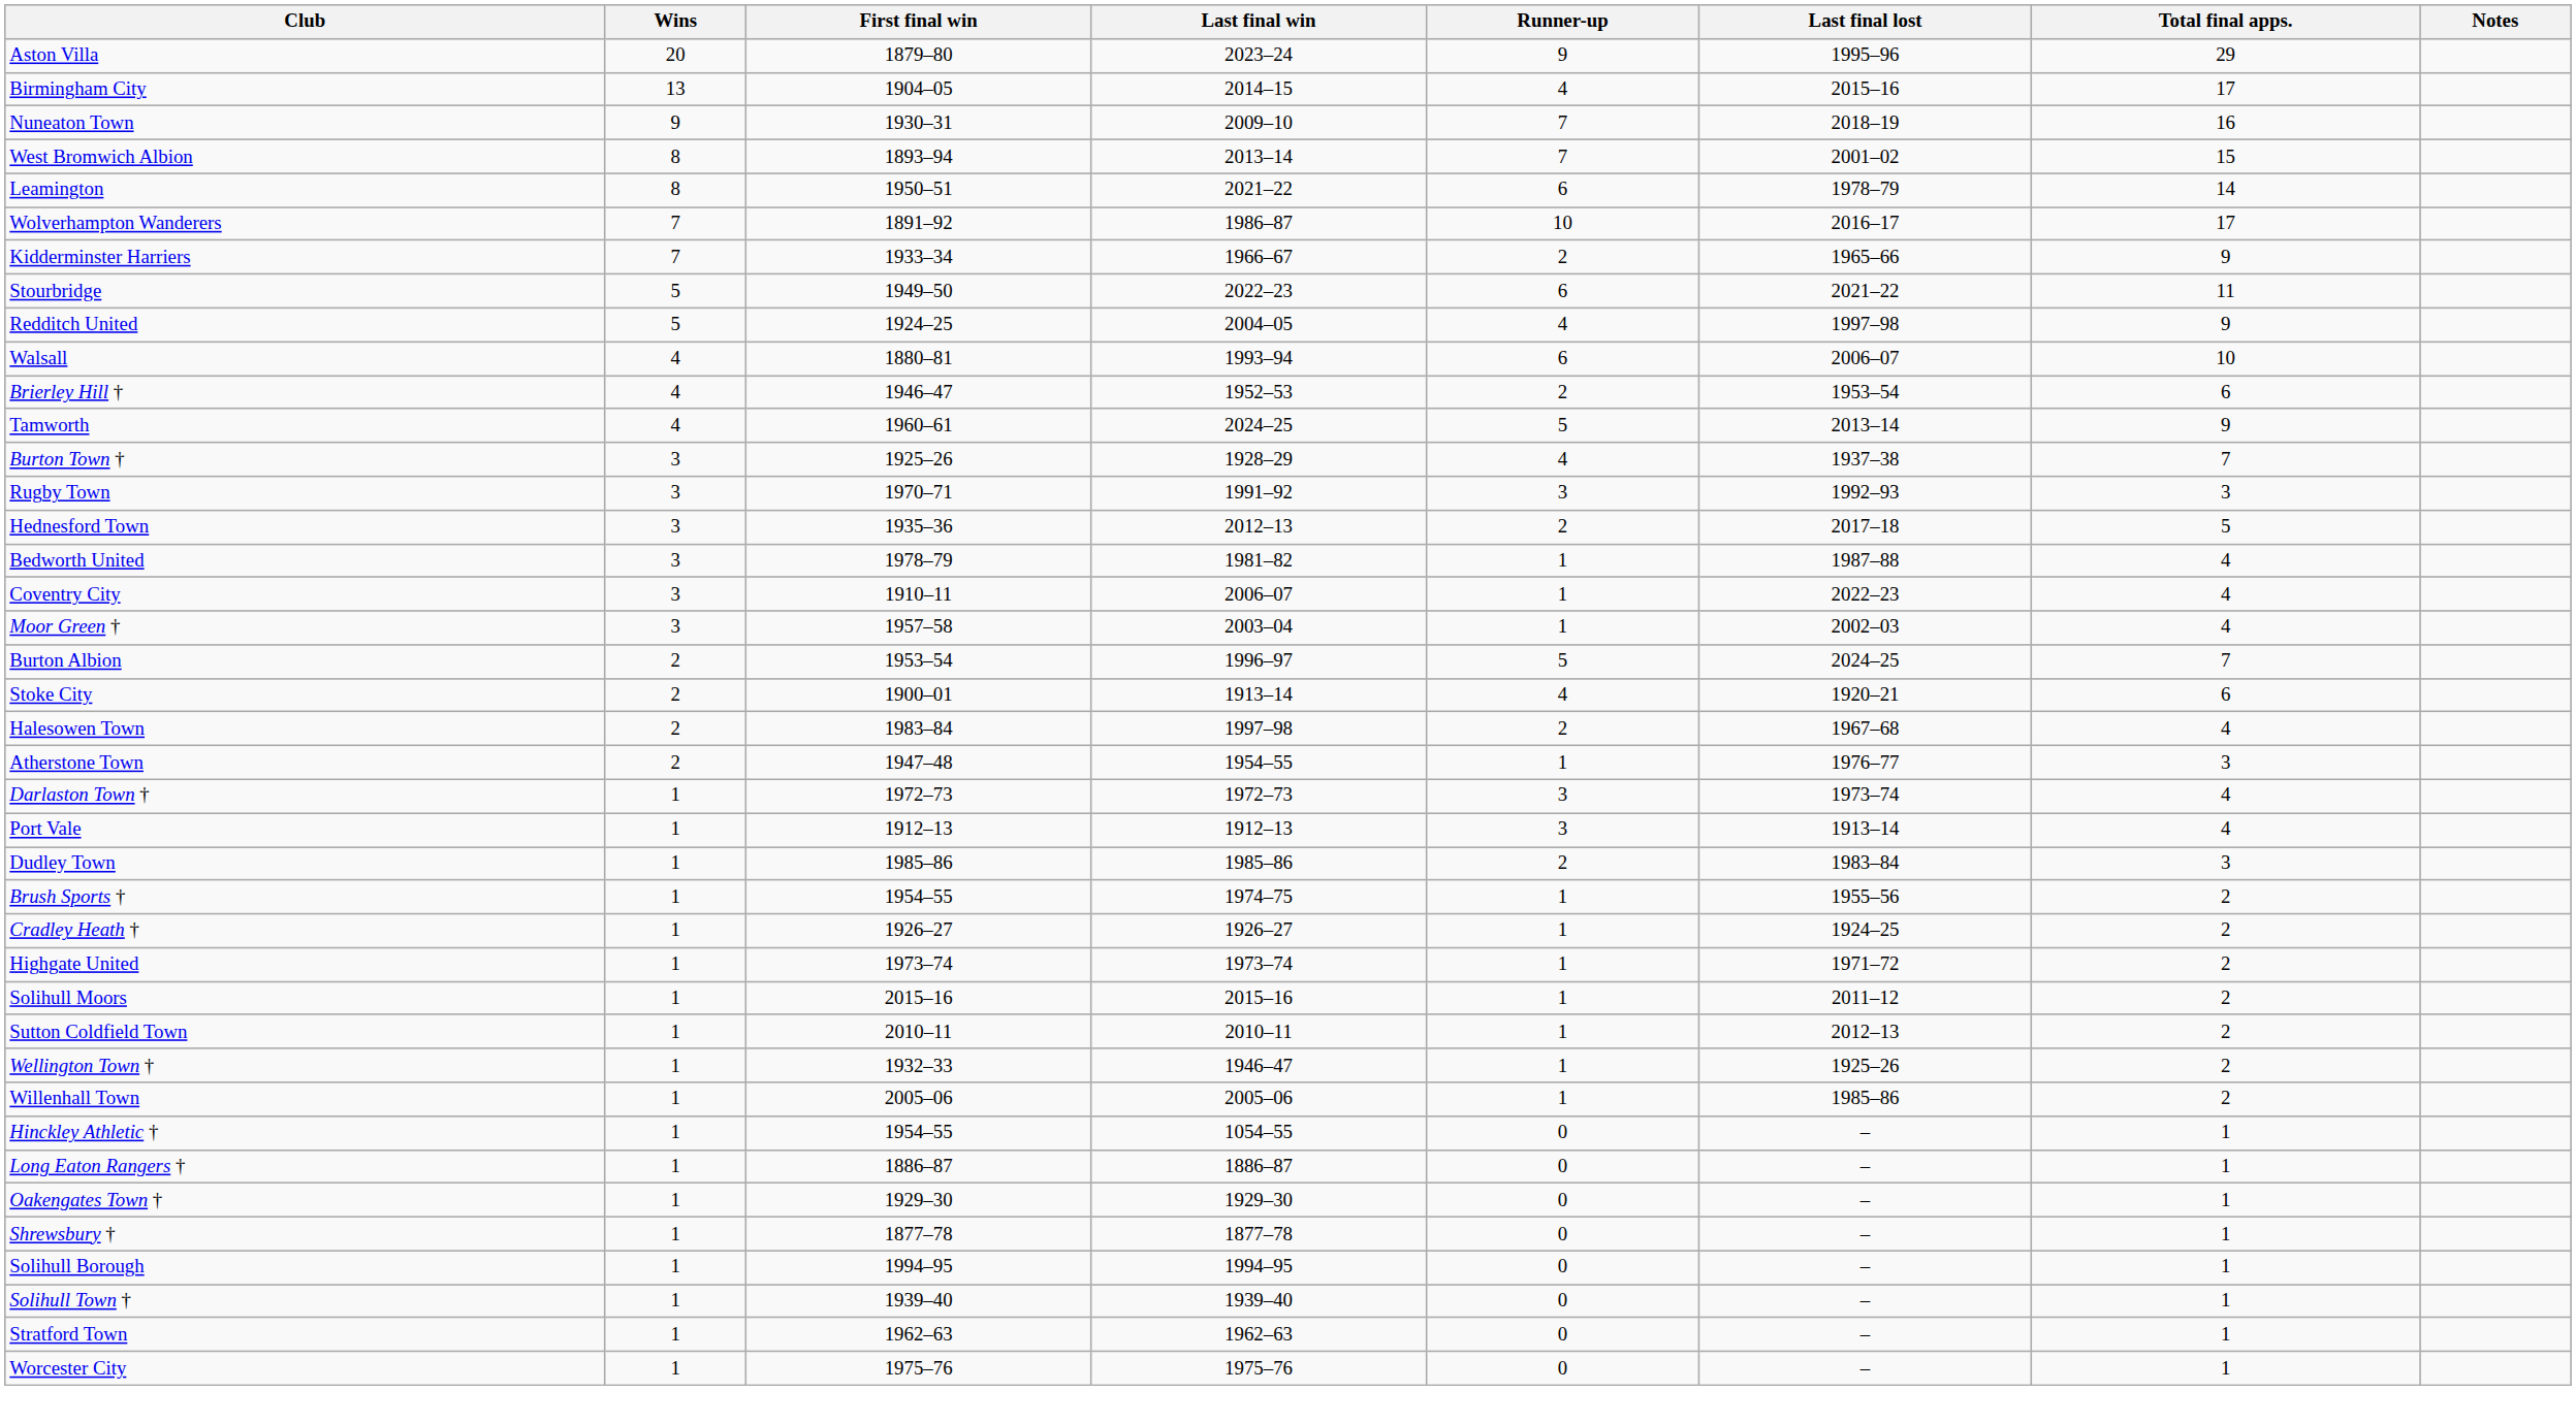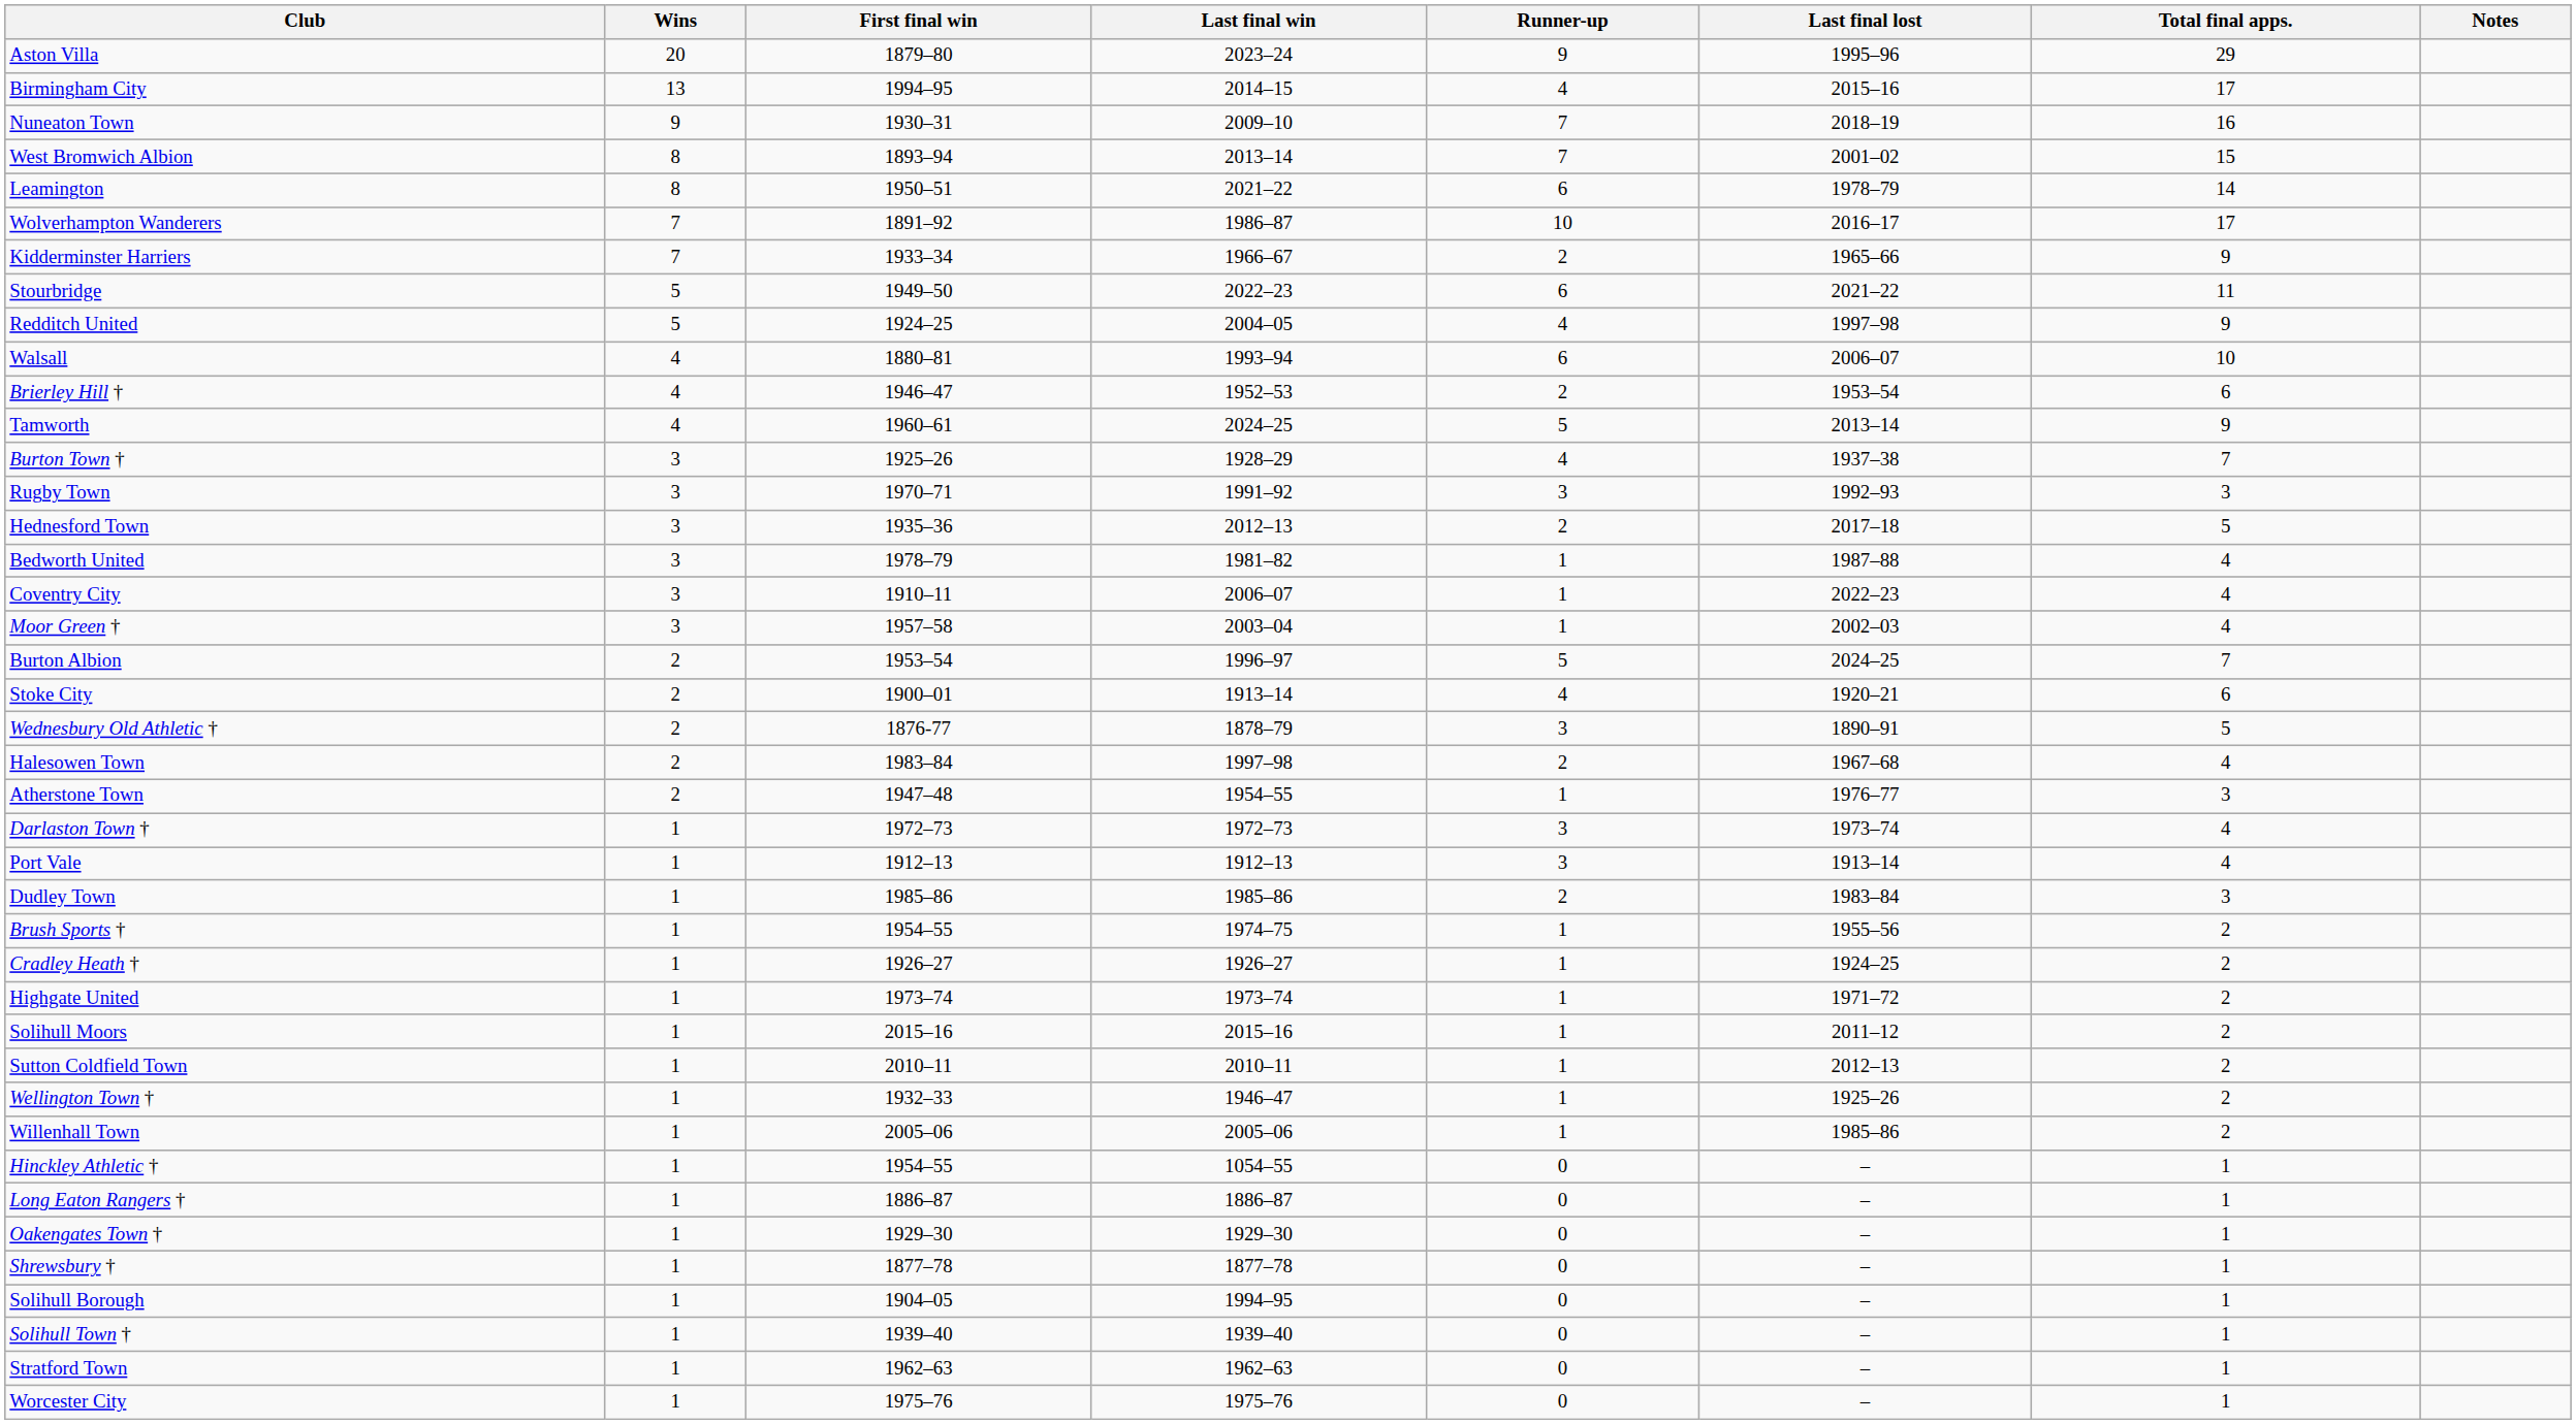 <table class="wikitable" style="text-align: center; width: 100%; font-size: 12px">
 <tr>
 <th>Club</th>
 <th>Wins</th>
 <th>First final win</th>
 <th>Last final win</th>
 <th>Runner-up</th>
 <th>Last final lost</th>
 <th>Total final apps.</th>
 <th>Notes</th>
 </tr>
 <tr>
 <td style="text-align: left"><a href='#'>Aston Villa</a></td>
 <td>20</td>
 <td>1879–80</td>
 <td>2023–24</td>
 <td>9</td>
 <td>1995–96</td>
 <td>29</td>
 <td></td>
 </tr>
 <tr>
 <td style="text-align: left"><a href='#'>Birmingham City</a></td>
 <td>13</td>
-<td>1904–05</td>
+<td>1994–95</td>
 <td>2014–15</td>
 <td>4</td>
 <td>2015–16</td>
 <td>17</td>
 <td></td>
 </tr>
 <tr>
 <td style="text-align: left"><a href='#'>Nuneaton Town</a></td>
 <td>9</td>
 <td>1930–31</td>
 <td>2009–10</td>
 <td>7</td>
 <td>2018–19</td>
 <td>16</td>
 <td></td>
 </tr>
 <tr>
 <td style="text-align: left"><a href='#'>West Bromwich Albion</a></td>
 <td>8</td>
 <td>1893–94</td>
 <td>2013–14</td>
 <td>7</td>
 <td>2001–02</td>
 <td>15</td>
 <td></td>
 </tr>
 <tr>
 <td style="text-align: left"><a href='#'>Leamington</a></td>
 <td>8</td>
 <td>1950–51</td>
 <td>2021–22</td>
 <td>6</td>
 <td>1978–79</td>
 <td>14</td>
 <td></td>
 </tr>
 <tr>
 <td style="text-align: left"><a href='#'>Wolverhampton Wanderers</a></td>
 <td>7</td>
 <td>1891–92</td>
 <td>1986–87</td>
 <td>10</td>
 <td>2016–17</td>
 <td>17</td>
 <td></td>
 </tr>
 <tr>
 <td style="text-align: left"><a href='#'>Kidderminster Harriers</a></td>
 <td>7</td>
 <td>1933–34</td>
 <td>1966–67</td>
 <td>2</td>
 <td>1965–66</td>
 <td>9</td>
 <td></td>
 </tr>
 <tr>
 <td style="text-align: left"><a href='#'>Stourbridge</a></td>
 <td>5</td>
 <td>1949–50</td>
 <td>2022–23</td>
 <td>6</td>
 <td>2021–22</td>
 <td>11</td>
 <td></td>
 </tr>
 <tr>
 <td style="text-align: left"><a href='#'>Redditch United</a></td>
 <td>5</td>
 <td>1924–25</td>
 <td>2004–05</td>
 <td>4</td>
 <td>1997–98</td>
 <td>9</td>
 <td></td>
 </tr>
 <tr>
 <td style="text-align: left"><a href='#'>Walsall</a></td>
 <td>4</td>
 <td>1880–81</td>
 <td>1993–94</td>
 <td>6</td>
 <td>2006–07</td>
 <td>10</td>
 <td></td>
 </tr>
 <tr>
 <td style="text-align: left"><em><a href='#'>Brierley Hill</a></em> †</td>
 <td>4</td>
 <td>1946–47</td>
 <td>1952–53</td>
 <td>2</td>
 <td>1953–54</td>
 <td>6</td>
 <td></td>
 </tr>
 <tr>
 <td style="text-align: left"><a href='#'>Tamworth</a></td>
 <td>4</td>
 <td>1960–61</td>
 <td>2024–25</td>
 <td>5</td>
 <td>2013–14</td>
 <td>9</td>
 <td></td>
 </tr>
 <tr>
 <td style="text-align: left"><em><a href='#'>Burton Town</a></em> †</td>
 <td>3</td>
 <td>1925–26</td>
 <td>1928–29</td>
 <td>4</td>
 <td>1937–38</td>
 <td>7</td>
 <td></td>
 </tr>
 <tr>
 <td style="text-align: left"><a href='#'>Rugby Town</a></td>
 <td>3</td>
 <td>1970–71</td>
 <td>1991–92</td>
 <td>3</td>
 <td>1992–93</td>
 <td>3</td>
 <td></td>
 </tr>
 <tr>
 <td style="text-align: left"><a href='#'>Hednesford Town</a></td>
 <td>3</td>
 <td>1935–36</td>
 <td>2012–13</td>
 <td>2</td>
 <td>2017–18</td>
 <td>5</td>
 <td></td>
 </tr>
 <tr>
 <td style="text-align: left"><a href='#'>Bedworth United</a></td>
 <td>3</td>
 <td>1978–79</td>
 <td>1981–82</td>
 <td>1</td>
 <td>1987–88</td>
 <td>4</td>
 <td></td>
 </tr>
 <tr>
 <td style="text-align: left"><a href='#'>Coventry City</a></td>
 <td>3</td>
 <td>1910–11</td>
 <td>2006–07</td>
 <td>1</td>
 <td>2022–23</td>
 <td>4</td>
 <td></td>
 </tr>
 <tr>
 <td style="text-align: left"><em><a href='#'>Moor Green</a></em> †</td>
 <td>3</td>
 <td>1957–58</td>
 <td>2003–04</td>
 <td>1</td>
 <td>2002–03</td>
 <td>4</td>
 <td></td>
 </tr>
 <tr>
 <td style="text-align: left"><a href='#'>Burton Albion</a></td>
 <td>2</td>
 <td>1953–54</td>
 <td>1996–97</td>
 <td>5</td>
 <td>2024–25</td>
 <td>7</td>
 <td></td>
 </tr>
 <tr>
 <td style="text-align: left"><a href='#'>Stoke City</a></td>
 <td>2</td>
 <td>1900–01</td>
 <td>1913–14</td>
 <td>4</td>
 <td>1920–21</td>
 <td>6</td>
 <td></td>
 </tr>
 <tr>
+<td style="text-align: left"><em><a href='#'>Wednesbury Old Athletic</a></em> †</td>
+<td>2</td>
+<td>1876-77</td>
+<td>1878–79</td>
+<td>3</td>
+<td>1890–91</td>
+<td>5</td>
+<td></td>
+</tr>
+<tr>
 <td style="text-align: left"><a href='#'>Halesowen Town</a></td>
 <td>2</td>
 <td>1983–84</td>
 <td>1997–98</td>
 <td>2</td>
 <td>1967–68</td>
 <td>4</td>
 <td></td>
 </tr>
 <tr>
 <td style="text-align: left"><a href='#'>Atherstone Town</a></td>
 <td>2</td>
 <td>1947–48</td>
 <td>1954–55</td>
 <td>1</td>
 <td>1976–77</td>
 <td>3</td>
 <td></td>
 </tr>
 <tr>
 <td style="text-align: left"><em><a href='#'>Darlaston Town</a></em> †</td>
 <td>1</td>
 <td>1972–73</td>
 <td>1972–73</td>
 <td>3</td>
 <td>1973–74</td>
 <td>4</td>
 <td></td>
 </tr>
 <tr>
 <td style="text-align: left"><a href='#'>Port Vale</a></td>
 <td>1</td>
 <td>1912–13</td>
 <td>1912–13</td>
 <td>3</td>
 <td>1913–14</td>
 <td>4</td>
 <td></td>
 </tr>
 <tr>
 <td style="text-align: left"><a href='#'>Dudley Town</a></td>
 <td>1</td>
 <td>1985–86</td>
 <td>1985–86</td>
 <td>2</td>
 <td>1983–84</td>
 <td>3</td>
 <td></td>
 </tr>
 <tr>
 <td style="text-align: left"><em><a href='#'>Brush Sports</a></em> †</td>
 <td>1</td>
 <td>1954–55</td>
 <td>1974–75</td>
 <td>1</td>
 <td>1955–56</td>
 <td>2</td>
 <td></td>
 </tr>
 <tr>
 <td style="text-align: left"><em><a href='#'>Cradley Heath</a></em> †</td>
 <td>1</td>
 <td>1926–27</td>
 <td>1926–27</td>
 <td>1</td>
 <td>1924–25</td>
 <td>2</td>
 <td></td>
 </tr>
 <tr>
 <td style="text-align: left"><a href='#'>Highgate United</a></td>
 <td>1</td>
 <td>1973–74</td>
 <td>1973–74</td>
 <td>1</td>
 <td>1971–72</td>
 <td>2</td>
 <td></td>
 </tr>
 <tr>
 <td style="text-align: left"><a href='#'>Solihull Moors</a></td>
 <td>1</td>
 <td>2015–16</td>
 <td>2015–16</td>
 <td>1</td>
 <td>2011–12</td>
 <td>2</td>
 <td></td>
 </tr>
 <tr>
 <td style="text-align: left"><a href='#'>Sutton Coldfield Town</a></td>
 <td>1</td>
 <td>2010–11</td>
 <td>2010–11</td>
 <td>1</td>
 <td>2012–13</td>
 <td>2</td>
 <td></td>
 </tr>
 <tr>
 <td style="text-align: left"><em><a href='#'>Wellington Town</a></em> †</td>
 <td>1</td>
 <td>1932–33</td>
 <td>1946–47</td>
 <td>1</td>
 <td>1925–26</td>
 <td>2</td>
 <td></td>
 </tr>
 <tr>
 <td style="text-align: left"><a href='#'>Willenhall Town</a></td>
 <td>1</td>
 <td>2005–06</td>
 <td>2005–06</td>
 <td>1</td>
 <td>1985–86</td>
 <td>2</td>
 <td></td>
 </tr>
 <tr>
 <td style="text-align: left"><em><a href='#'>Hinckley Athletic</a></em> †</td>
 <td>1</td>
 <td>1954–55</td>
 <td>1054–55</td>
 <td>0</td>
 <td>–</td>
 <td>1</td>
 <td></td>
 </tr>
 <tr>
 <td style="text-align: left"><em><a href='#'>Long Eaton Rangers</a></em> †</td>
 <td>1</td>
 <td>1886–87</td>
 <td>1886–87</td>
 <td>0</td>
 <td>–</td>
 <td>1</td>
 <td></td>
 </tr>
 <tr>
 <td style="text-align: left"><em><a href='#'>Oakengates Town</a></em> †</td>
 <td>1</td>
 <td>1929–30</td>
 <td>1929–30</td>
 <td>0</td>
 <td>–</td>
 <td>1</td>
 <td></td>
 </tr>
 <tr>
 <td style="text-align: left"><em><a href='#'>Shrewsbury</a></em> †</td>
 <td>1</td>
 <td>1877–78</td>
 <td>1877–78</td>
 <td>0</td>
 <td>–</td>
 <td>1</td>
 <td></td>
 </tr>
 <tr>
 <td style="text-align: left"><a href='#'>Solihull Borough</a></td>
 <td>1</td>
-<td>1994–95</td>
+<td>1904–05</td>
 <td>1994–95</td>
 <td>0</td>
 <td>–</td>
 <td>1</td>
 <td></td>
 </tr>
 <tr>
 <td style="text-align: left"><em><a href='#'>Solihull Town</a></em> †</td>
 <td>1</td>
 <td>1939–40</td>
 <td>1939–40</td>
 <td>0</td>
 <td>–</td>
 <td>1</td>
 <td></td>
 </tr>
 <tr>
 <td style="text-align: left"><a href='#'>Stratford Town</a></td>
 <td>1</td>
 <td>1962–63</td>
 <td>1962–63</td>
 <td>0</td>
 <td>–</td>
 <td>1</td>
 <td></td>
 </tr>
 <tr>
 <td style="text-align: left"><a href='#'>Worcester City</a></td>
 <td>1</td>
 <td>1975–76</td>
 <td>1975–76</td>
 <td>0</td>
 <td>–</td>
 <td>1</td>
 <td></td>
 </tr>
 </table>
